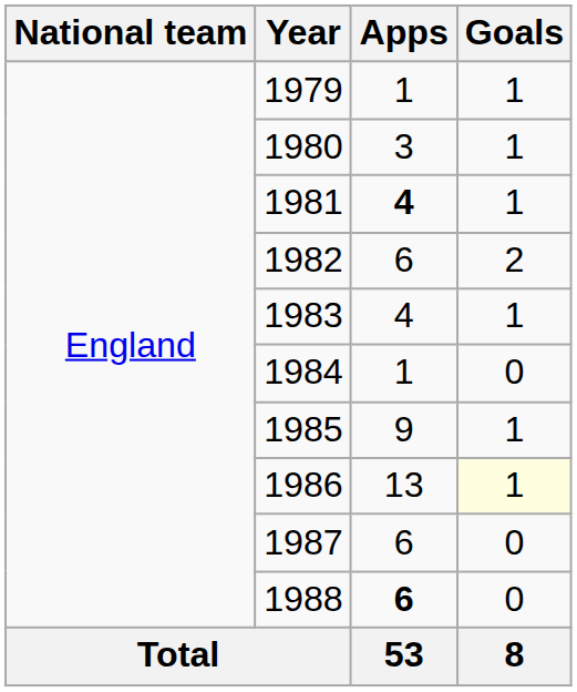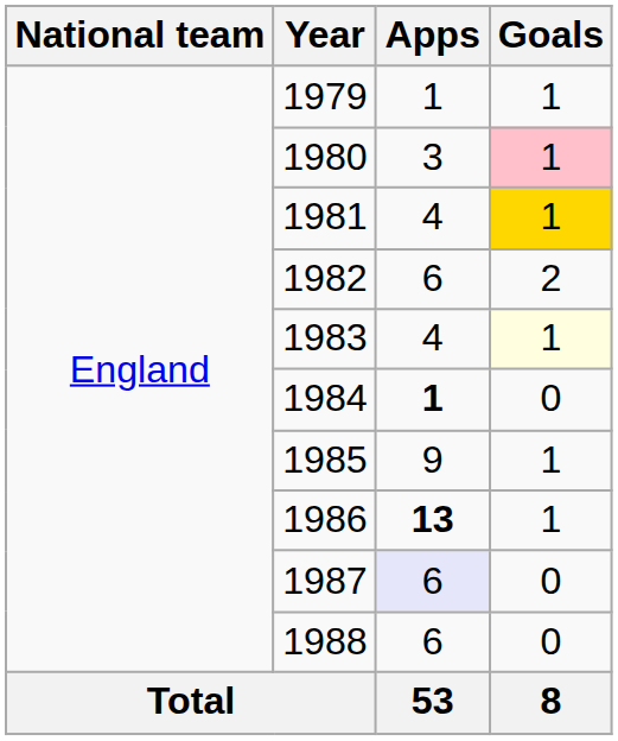 <table class="wikitable" style="text-align:center">
 <tr>
 <th>National team</th>
 <th>Year</th>
 <th>Apps</th>
 <th>Goals</th>
 </tr>
 <tr>
 <td rowspan="10"><a href='#'>England</a></td>
 <td>1979</td>
 <td>1</td>
 <td>1</td>
 </tr>
 <tr>
 <td>1980</td>
 <td>3</td>
-<td>1</td>
+<td style="background: pink;">1</td>
 </tr>
 <tr>
 <td>1981</td>
-<td><strong>4</strong></td>
-<td>1</td>
+<td>4</td>
+<td style="background: gold;">1</td>
 </tr>
 <tr>
 <td>1982</td>
 <td>6</td>
 <td>2</td>
 </tr>
 <tr>
 <td>1983</td>
 <td>4</td>
-<td>1</td>
+<td style="background: lightyellow;">1</td>
 </tr>
 <tr>
 <td>1984</td>
-<td>1</td>
+<td><strong>1</strong></td>
 <td>0</td>
 </tr>
 <tr>
 <td>1985</td>
 <td>9</td>
 <td>1</td>
 </tr>
 <tr>
 <td>1986</td>
-<td>13</td>
-<td style="background: lightyellow;">1</td>
+<td><strong>13</strong></td>
+<td>1</td>
 </tr>
 <tr>
 <td>1987</td>
-<td>6</td>
+<td style="background: lavender;">6</td>
 <td>0</td>
 </tr>
 <tr>
 <td>1988</td>
-<td><strong>6</strong></td>
+<td>6</td>
 <td>0</td>
 </tr>
 <tr>
 <th colspan="2">Total</th>
 <th>53</th>
 <th>8</th>
 </tr>
 </table>
